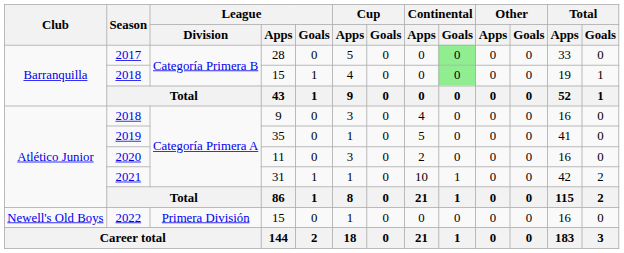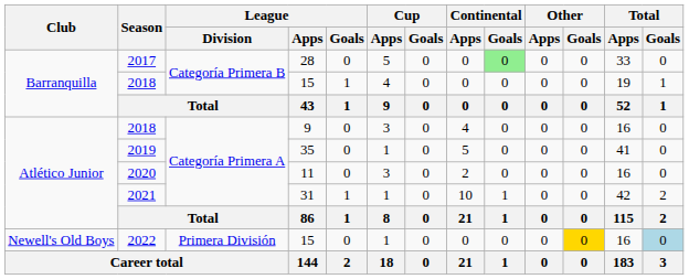 <table class="wikitable" style="text-align: center">
 <tr>
 <th rowspan="2">Club</th>
 <th rowspan="2">Season</th>
 <th colspan="3">League</th>
 <th colspan="2">Cup</th>
 <th colspan="2">Continental</th>
 <th colspan="2">Other</th>
 <th colspan="2">Total</th>
 </tr>
 <tr>
 <th>Division</th>
 <th>Apps</th>
 <th>Goals</th>
 <th>Apps</th>
 <th>Goals</th>
 <th>Apps</th>
 <th>Goals</th>
 <th>Apps</th>
 <th>Goals</th>
 <th>Apps</th>
 <th>Goals</th>
 </tr>
 <tr>
 <td rowspan="3"><a href='#'>Barranquilla</a></td>
 <td><a href='#'>2017</a></td>
 <td rowspan="2"><a href='#'>Categoría Primera B</a></td>
 <td>28</td>
 <td>0</td>
 <td>5</td>
 <td>0</td>
 <td>0</td>
 <td style="background: lightgreen;">0</td>
 <td>0</td>
 <td>0</td>
 <td>33</td>
 <td>0</td>
 </tr>
 <tr>
 <td><a href='#'>2018</a></td>
 <td>15</td>
 <td>1</td>
 <td>4</td>
 <td>0</td>
 <td>0</td>
-<td style="background: lightgreen;">0</td>
+<td>0</td>
 <td>0</td>
 <td>0</td>
 <td>19</td>
 <td>1</td>
 </tr>
 <tr>
 <th colspan="2"><strong>Total</strong></th>
 <th>43</th>
 <th>1</th>
 <th>9</th>
 <th>0</th>
 <th>0</th>
 <th>0</th>
 <th>0</th>
 <th>0</th>
 <th>52</th>
 <th>1</th>
 </tr>
 <tr>
 <td rowspan="5"><a href='#'>Atlético Junior</a></td>
 <td><a href='#'>2018</a></td>
 <td rowspan="4"><a href='#'>Categoría Primera A</a></td>
 <td>9</td>
 <td>0</td>
 <td>3</td>
 <td>0</td>
 <td>4</td>
 <td>0</td>
 <td>0</td>
 <td>0</td>
 <td>16</td>
 <td>0</td>
 </tr>
 <tr>
 <td><a href='#'>2019</a></td>
 <td>35</td>
 <td>0</td>
 <td>1</td>
 <td>0</td>
 <td>5</td>
 <td>0</td>
 <td>0</td>
 <td>0</td>
 <td>41</td>
 <td>0</td>
 </tr>
 <tr>
 <td><a href='#'>2020</a></td>
 <td>11</td>
 <td>0</td>
 <td>3</td>
 <td>0</td>
 <td>2</td>
 <td>0</td>
 <td>0</td>
 <td>0</td>
 <td>16</td>
 <td>0</td>
 </tr>
 <tr>
 <td><a href='#'>2021</a></td>
 <td>31</td>
 <td>1</td>
 <td>1</td>
 <td>0</td>
 <td>10</td>
 <td>1</td>
 <td>0</td>
 <td>0</td>
 <td>42</td>
 <td>2</td>
 </tr>
 <tr>
 <th colspan="2"><strong>Total</strong></th>
 <th>86</th>
 <th>1</th>
 <th>8</th>
 <th>0</th>
 <th>21</th>
 <th>1</th>
 <th>0</th>
 <th>0</th>
 <th>115</th>
 <th>2</th>
 </tr>
 <tr>
 <td><a href='#'>Newell's Old Boys</a></td>
 <td><a href='#'>2022</a></td>
 <td><a href='#'>Primera División</a></td>
 <td>15</td>
 <td>0</td>
 <td>1</td>
 <td>0</td>
 <td>0</td>
 <td>0</td>
 <td>0</td>
-<td>0</td>
+<td style="background: gold;">0</td>
 <td>16</td>
-<td>0</td>
+<td style="background: lightblue;">0</td>
 </tr>
 <tr>
 <th colspan="3"><strong>Career total</strong></th>
 <th>144</th>
 <th>2</th>
 <th>18</th>
 <th>0</th>
 <th>21</th>
 <th>1</th>
 <th>0</th>
 <th>0</th>
 <th>183</th>
 <th>3</th>
 </tr>
 </table>
